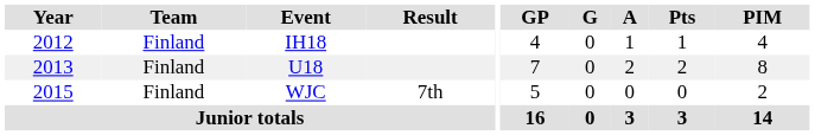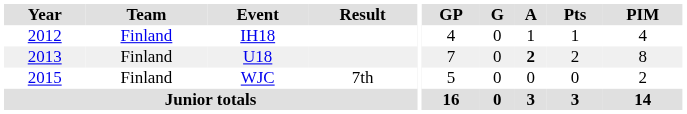 <table border="0" cellpadding="1" cellspacing="0" ID="Table3" style="text-align:center; width:40em">
 <tr ALIGN="center" bgcolor="#e0e0e0">
 <th>Year</th>
 <th>Team</th>
 <th>Event</th>
 <th>Result</th>
 <th rowspan="99" bgcolor="#ffffff"></th>
 <th>GP</th>
 <th>G</th>
 <th>A</th>
 <th>Pts</th>
 <th>PIM</th>
 </tr>
 <tr>
 <td><a href='#'>2012</a></td>
 <td><a href='#'>Finland</a></td>
 <td><a href='#'>IH18</a></td>
 <td></td>
 <td>4</td>
 <td>0</td>
 <td>1</td>
 <td>1</td>
 <td>4</td>
 </tr>
 <tr bgcolor="#f0f0f0">
 <td><a href='#'>2013</a></td>
 <td>Finland</td>
 <td><a href='#'>U18</a></td>
 <td></td>
 <td>7</td>
 <td>0</td>
-<td>2</td>
+<td><strong>2</strong></td>
 <td>2</td>
 <td>8</td>
 </tr>
 <tr>
 <td><a href='#'>2015</a></td>
 <td>Finland</td>
 <td><a href='#'>WJC</a></td>
 <td>7th</td>
 <td>5</td>
 <td>0</td>
 <td>0</td>
 <td>0</td>
 <td>2</td>
 </tr>
 <tr bgcolor="#e0e0e0">
 <th colspan="4">Junior totals</th>
 <th>16</th>
 <th>0</th>
 <th>3</th>
 <th>3</th>
 <th>14</th>
 </tr>
 </table>
